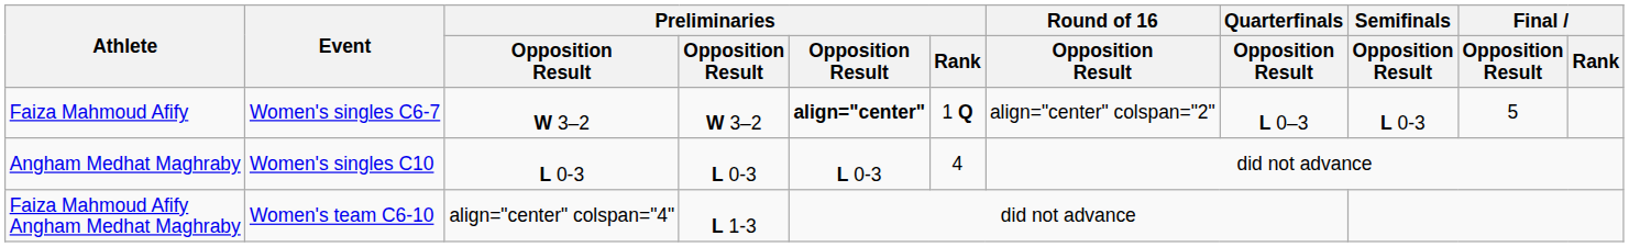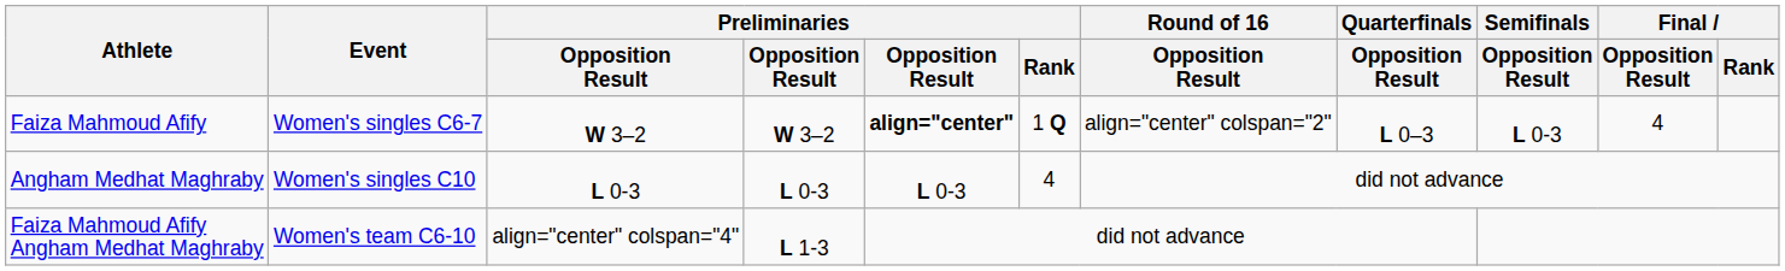 <table class=wikitable style="font-size:90%">
 <tr>
 <th rowspan="2">Athlete</th>
 <th rowspan="2">Event</th>
 <th colspan="4">Preliminaries</th>
 <th>Round of 16</th>
 <th>Quarterfinals</th>
 <th>Semifinals</th>
 <th colspan="2">Final / </th>
 </tr>
 <tr>
 <th>Opposition<br>Result</th>
 <th>Opposition<br>Result</th>
 <th>Opposition<br>Result</th>
 <th>Rank</th>
 <th>Opposition<br>Result</th>
 <th>Opposition<br>Result</th>
 <th>Opposition<br>Result</th>
 <th>Opposition<br>Result</th>
 <th>Rank</th>
 </tr>
 <tr>
 <td><a href='#'>Faiza Mahmoud Afify</a></td>
 <td><a href='#'>Women's singles C6-7</a></td>
 <td align="center"><br><strong>W</strong> 3–2</td>
 <td align="center"><br><strong>W</strong> 3–2</td>
 <td><strong>align="center" </strong></td>
 <td align="center">1 <strong>Q</strong></td>
 <td>align="center" colspan="2" </td>
 <td align="center"><br><strong>L</strong> 0–3</td>
 <td align="center"><br><strong>L</strong> 0-3</td>
-<td align="center">5</td>
+<td align="center">4</td>
 </tr>
 <tr>
 <td><a href='#'>Angham Medhat Maghraby</a></td>
 <td><a href='#'>Women's singles C10</a></td>
 <td align="center"><br><strong>L</strong> 0-3</td>
 <td align="center"><br><strong>L</strong> 0-3</td>
 <td align="center"><br><strong>L</strong> 0-3</td>
 <td align="center">4</td>
 <td align="center" colspan="5">did not advance</td>
 </tr>
 <tr>
 <td><a href='#'>Faiza Mahmoud Afify</a><br> <a href='#'>Angham Medhat Maghraby</a></td>
 <td><a href='#'>Women's team C6-10</a></td>
 <td>align="center" colspan="4" </td>
 <td align="center"><br><strong>L</strong> 1-3</td>
 <td align="center" colspan="4">did not advance</td>
 </tr>
 </table>
